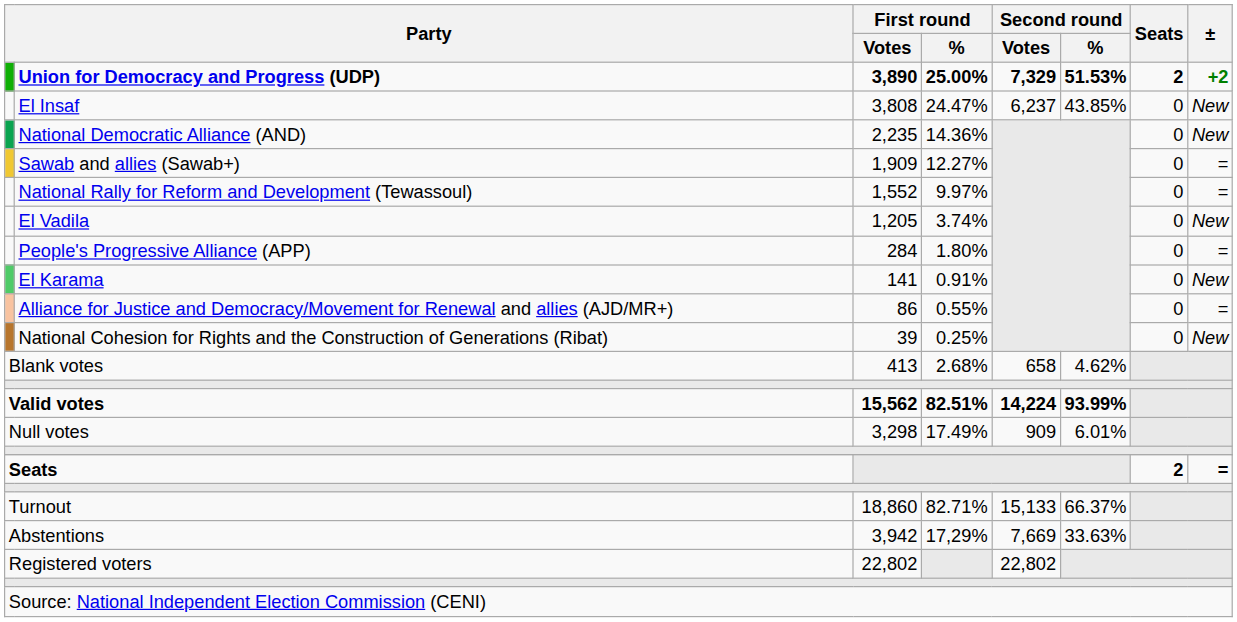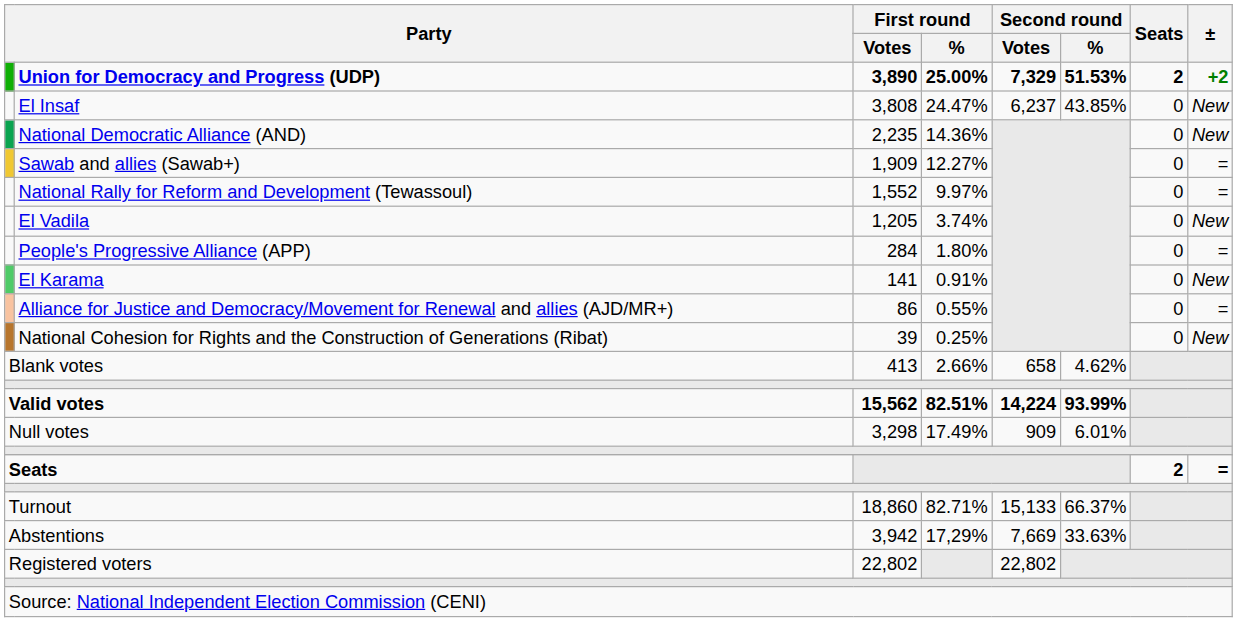 <table class="wikitable" style="text-align:right;font-size:95%;">
 <tr>
 <th rowspan="2" colspan="2" width="700">Party</th>
 <th colspan="2">First round</th>
 <th colspan="2">Second round</th>
 <th rowspan="2" width="25">Seats</th>
 <th rowspan="2" width="20">±</th>
 </tr>
 <tr>
 <th width="50">Votes</th>
 <th width="50">%</th>
 <th width="50">Votes</th>
 <th width="50">%</th>
 </tr>
 <tr>
 <td width="1" style="color:inherit;background:#0FAF05;"></td>
 <td style="text-align:left;"><strong><a href='#'>Union for Democracy and Progress</a> (UDP)</strong></td>
 <td><strong>3,890</strong></td>
 <td><strong>25.00%</strong></td>
 <td><strong>7,329</strong></td>
 <td><strong>51.53%</strong></td>
 <td><strong>2</strong></td>
 <td style="color:green;"><strong>+2</strong></td>
 </tr>
 <tr>
 <td width="1" style="color:inherit;background:"></td>
 <td style="text-align:left;"><a href='#'>El Insaf</a></td>
 <td>3,808</td>
 <td>24.47%</td>
 <td>6,237</td>
 <td>43.85%</td>
 <td>0</td>
 <td><em>New</em></td>
 </tr>
 <tr>
 <td width="1" style="color:inherit;background:#0AA450;"></td>
 <td style="text-align:left;"><a href='#'>National Democratic Alliance</a> (AND)</td>
 <td>2,235</td>
 <td>14.36%</td>
 <td colspan="2" rowspan="8" style="background:#E9E9E9;"></td>
 <td>0</td>
 <td><em>New</em></td>
 </tr>
 <tr>
 <td width="1" style="color:inherit;background:#F0C832;"></td>
 <td style="text-align:left;"><a href='#'>Sawab</a> and <a href='#'>allies</a> (Sawab+)</td>
 <td>1,909</td>
 <td>12.27%</td>
 <td>0</td>
 <td>=</td>
 </tr>
 <tr>
 <td width="1" style="color:inherit;background:"></td>
 <td style="text-align:left;"><a href='#'>National Rally for Reform and Development</a> (Tewassoul)</td>
 <td>1,552</td>
 <td>9.97%</td>
 <td>0</td>
 <td>=</td>
 </tr>
 <tr>
 <td width="1" style="color:inherit;background:"></td>
 <td style="text-align:left;"><a href='#'>El Vadila</a></td>
 <td>1,205</td>
 <td>3.74%</td>
 <td>0</td>
 <td><em>New</em></td>
 </tr>
 <tr>
 <td width="1" style="color:inherit;background:"></td>
 <td style="text-align:left;"><a href='#'>People's Progressive Alliance</a> (APP)</td>
 <td>284</td>
 <td>1.80%</td>
 <td>0</td>
 <td>=</td>
 </tr>
 <tr>
 <td width="1" style="color:inherit;background:#4FCB68;"></td>
 <td style="text-align:left;"><a href='#'>El Karama</a></td>
 <td>141</td>
 <td>0.91%</td>
 <td>0</td>
 <td><em>New</em></td>
 </tr>
 <tr>
 <td width="1" style="color:inherit;background:#F8C3A0;"></td>
 <td style="text-align:left;"><a href='#'>Alliance for Justice and Democracy/Movement for Renewal</a> and <a href='#'>allies</a> (AJD/MR+)</td>
 <td>86</td>
 <td>0.55%</td>
 <td>0</td>
 <td>=</td>
 </tr>
 <tr>
 <td width="1" style="color:inherit;background:#B7752C;"></td>
 <td style="text-align:left;">National Cohesion for Rights and the Construction of Generations (Ribat)</td>
 <td>39</td>
 <td>0.25%</td>
 <td>0</td>
 <td><em>New</em></td>
 </tr>
 <tr>
 <td colspan="2" style="text-align:left;">Blank votes</td>
 <td>413</td>
-<td>2.68%</td>
+<td>2.66%</td>
 <td>658</td>
 <td>4.62%</td>
 <td colspan="2" style="background:#E9E9E9;"></td>
 </tr>
 <tr>
 <td colspan="8" style="background:#E9E9E9;"></td>
 </tr>
 <tr style="font-weight:bold;">
 <td colspan="2" style="text-align:left;">Valid votes</td>
 <td>15,562</td>
 <td>82.51%</td>
 <td>14,224</td>
 <td>93.99%</td>
 <td colspan="2" style="background:#E9E9E9;"></td>
 </tr>
 <tr>
 <td colspan="2" style="text-align:left;">Null votes</td>
 <td>3,298</td>
 <td>17.49%</td>
 <td>909</td>
 <td>6.01%</td>
 <td colspan="2" style="background:#E9E9E9;"></td>
 </tr>
 <tr>
 <td colspan="8" style="background:#E9E9E9;"></td>
 </tr>
 <tr>
 </tr>
 <tr style="font-weight:bold;">
 <td colspan="2" style="text-align:left;">Seats</td>
 <td colspan="4" style="background:#E9E9E9;"></td>
 <td>2</td>
 <td>=</td>
 </tr>
 <tr>
 <td colspan="8" style="background:#E9E9E9;"></td>
 </tr>
 <tr>
 <td colspan="2" style="text-align:left;">Turnout</td>
 <td>18,860</td>
 <td>82.71%</td>
 <td>15,133</td>
 <td>66.37%</td>
 <td colspan="2" style="background:#E9E9E9;"></td>
 </tr>
 <tr>
 <td colspan="2" style="text-align:left;">Abstentions</td>
 <td>3,942</td>
 <td>17,29%</td>
 <td>7,669</td>
 <td>33.63%</td>
 <td colspan="2" style="background:#E9E9E9;"></td>
 </tr>
 <tr>
 <td colspan="2" style="text-align:left;">Registered voters</td>
 <td>22,802</td>
 <td style="color:inherit;background:#E9E9E9;"></td>
 <td>22,802</td>
 <td colspan="3" style="background:#E9E9E9;"></td>
 </tr>
 <tr>
 <td colspan="8" style="background:#E9E9E9;"></td>
 </tr>
 <tr>
 <td colspan="8" style="text-align:left;">Source: <a href='#'>National Independent Election Commission</a> (CENI)</td>
 </tr>
 </table>
